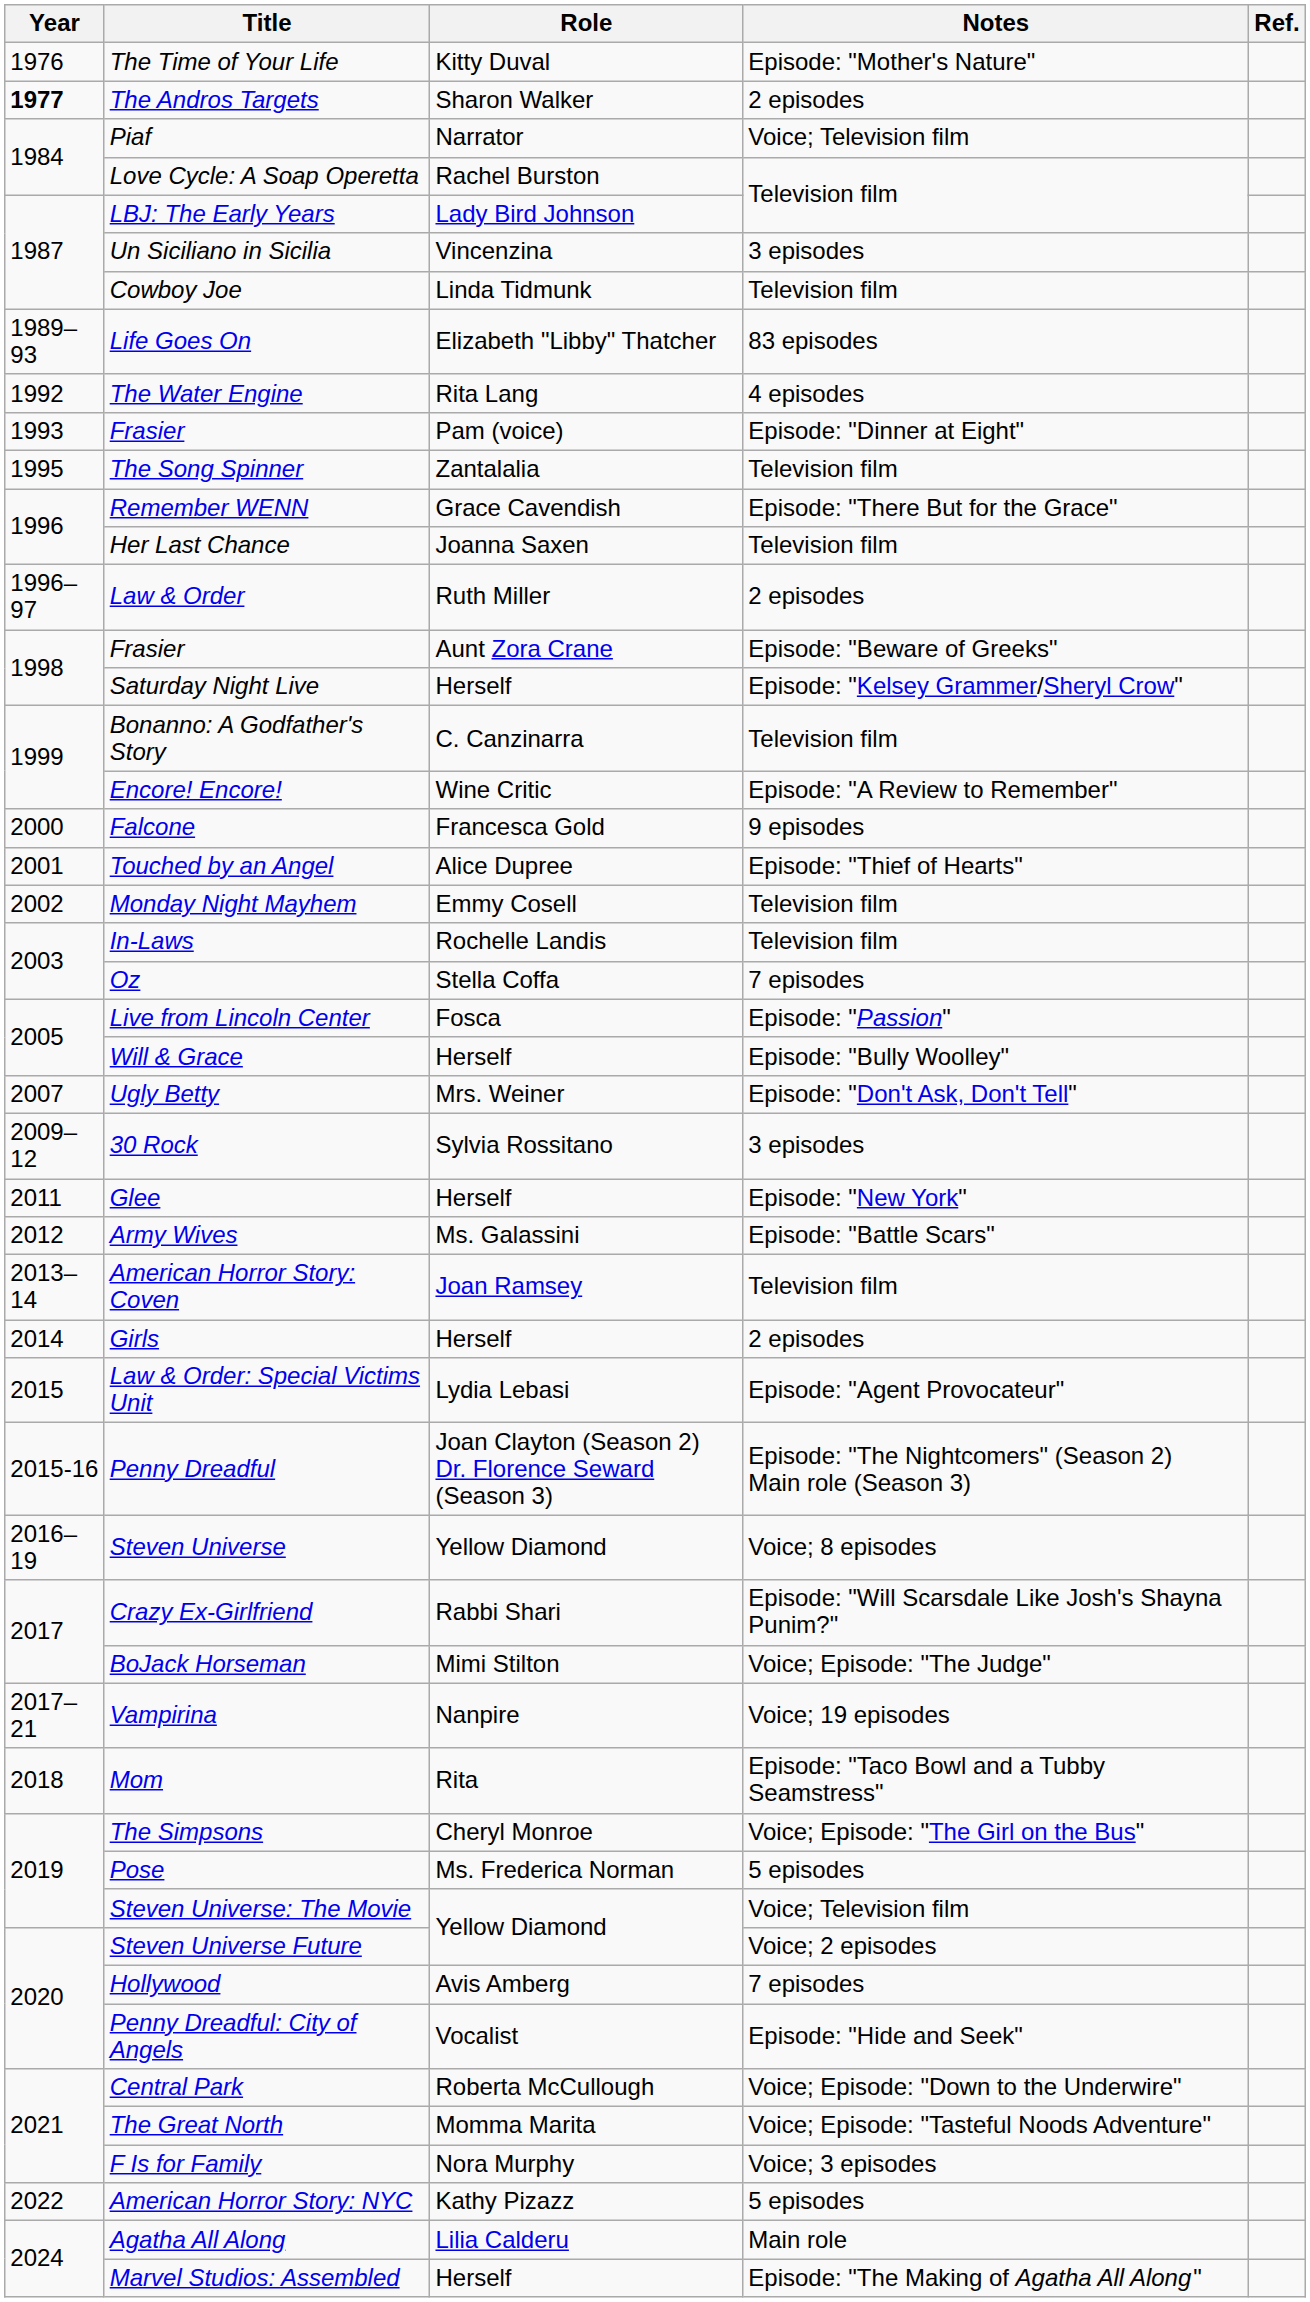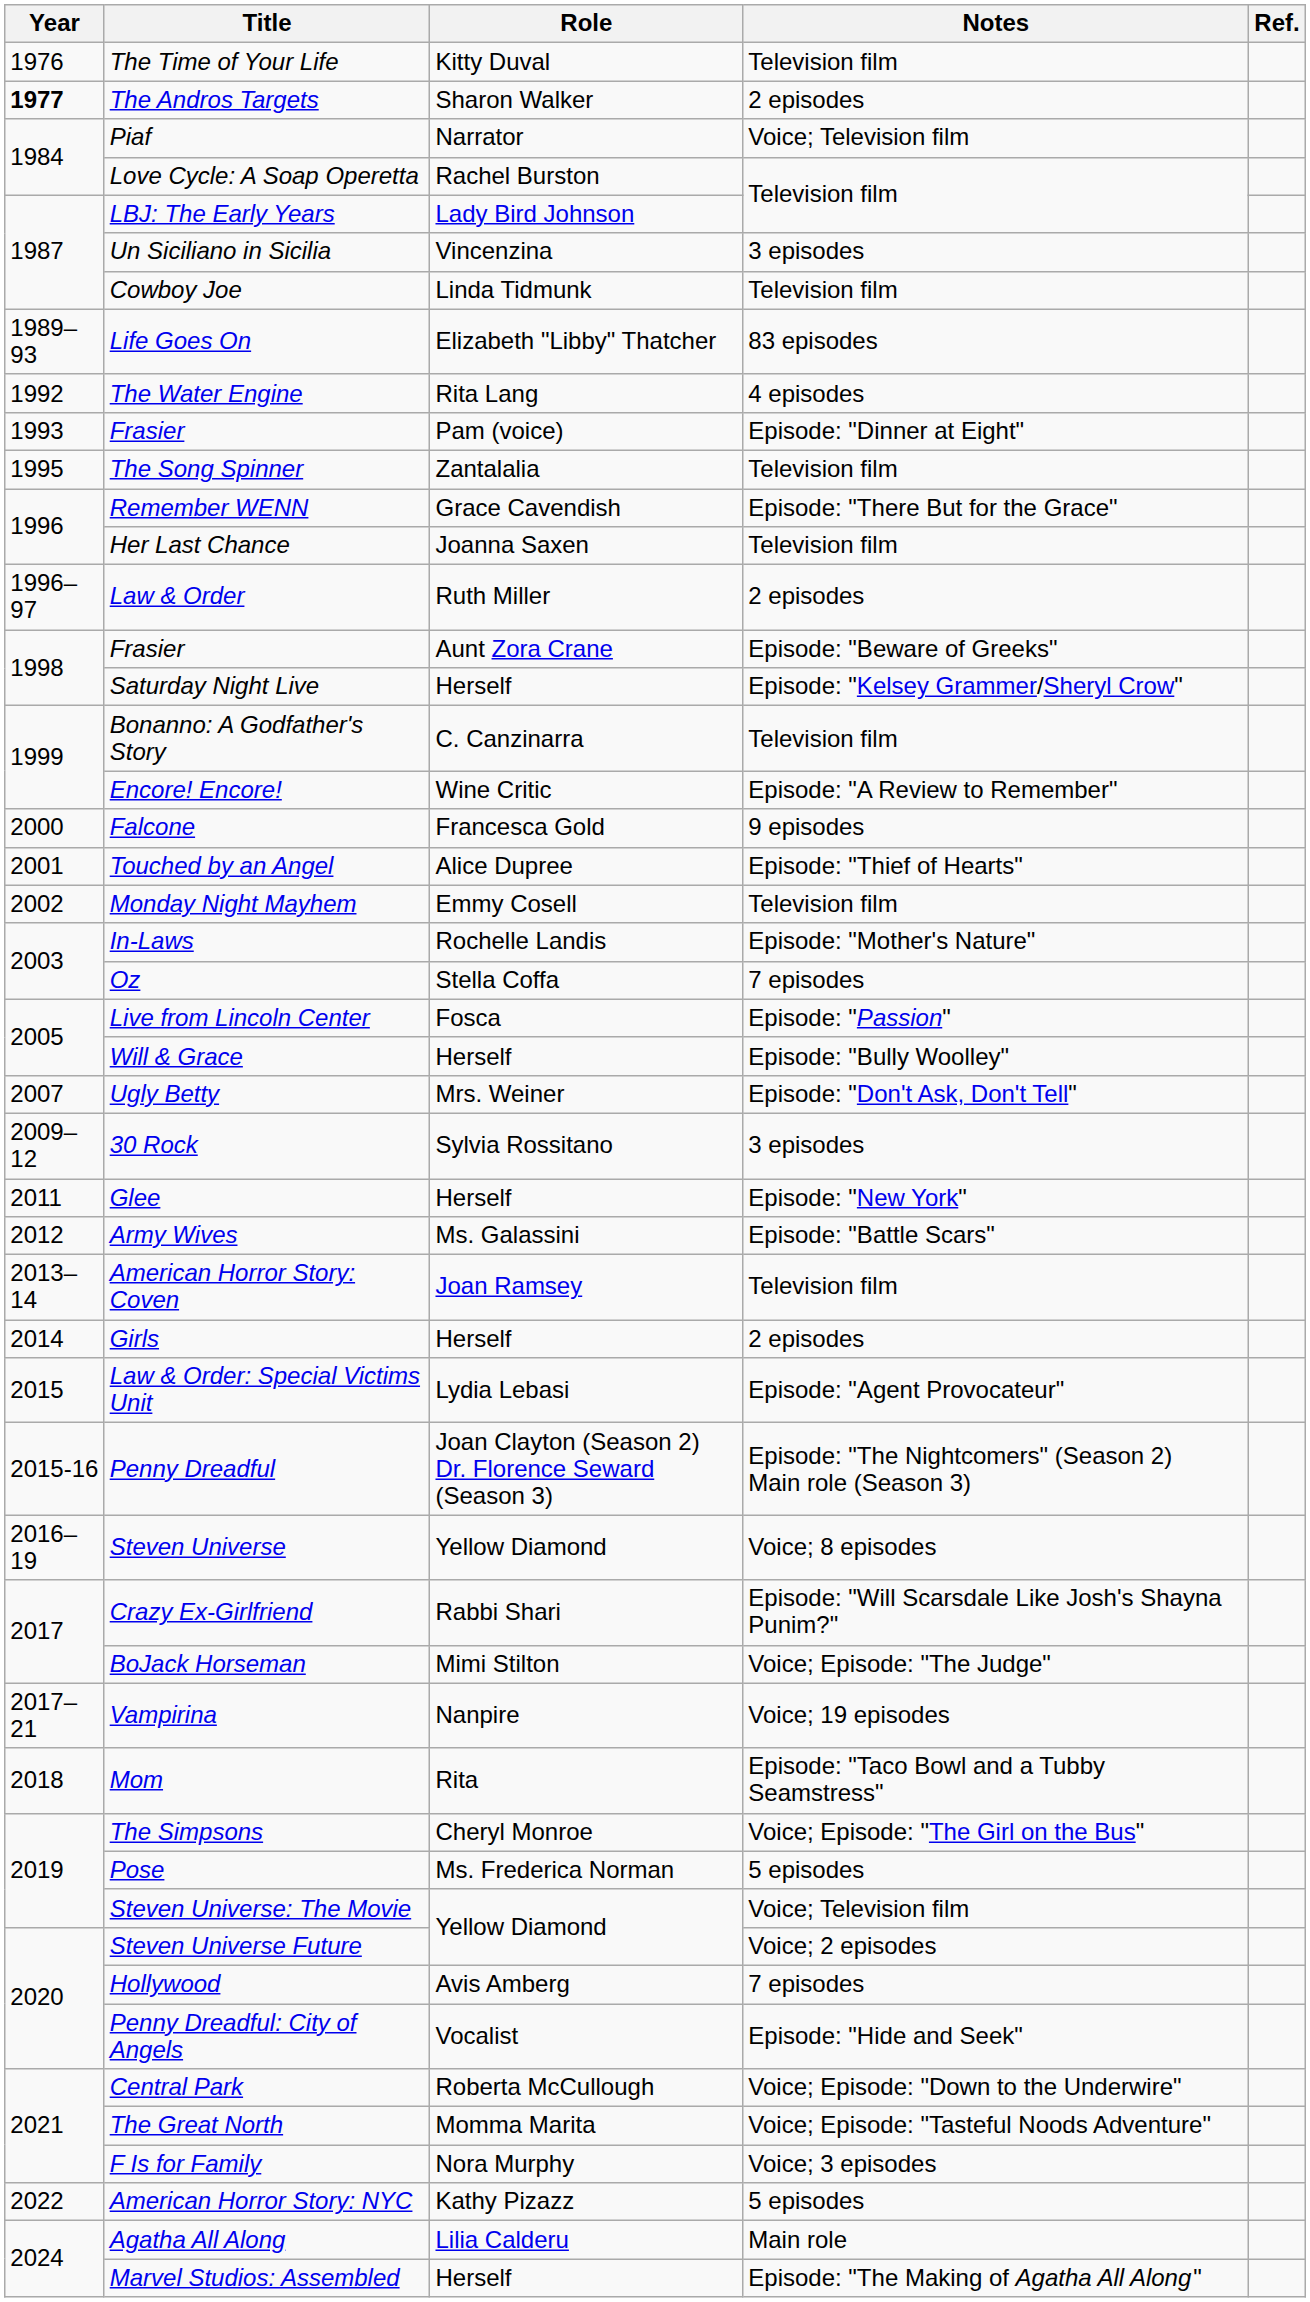 <table class="wikitable sortable">
 <tr>
 <th>Year</th>
 <th>Title</th>
 <th>Role</th>
 <th>Notes</th>
 <th class="unsortable">Ref.</th>
 </tr>
 <tr>
 <td>1976</td>
 <td><em>The Time of Your Life</em></td>
 <td>Kitty Duval</td>
-<td>Episode: "Mother's Nature"</td>
+<td>Television film</td>
 <td></td>
 </tr>
 <tr>
 <td><strong>1977</strong></td>
 <td><em><a href='#'>The Andros Targets</a></em></td>
 <td>Sharon Walker</td>
 <td>2 episodes</td>
 <td></td>
 </tr>
 <tr>
 <td rowspan="2">1984</td>
 <td><em>Piaf</em></td>
 <td>Narrator</td>
 <td>Voice; Television film</td>
 <td></td>
 </tr>
 <tr>
 <td><em>Love Cycle: A Soap Operetta</em></td>
 <td>Rachel Burston</td>
 <td rowspan="2">Television film</td>
 <td></td>
 </tr>
 <tr>
 <td rowspan="3">1987</td>
 <td><em><a href='#'>LBJ: The Early Years</a></em></td>
 <td><a href='#'>Lady Bird Johnson</a></td>
 <td></td>
 </tr>
 <tr>
 <td><em>Un Siciliano in Sicilia</em></td>
 <td>Vincenzina</td>
 <td>3 episodes</td>
 <td></td>
 </tr>
 <tr>
 <td><em>Cowboy Joe</em></td>
 <td>Linda Tidmunk</td>
 <td>Television film</td>
 <td></td>
 </tr>
 <tr>
 <td>1989–93</td>
 <td><em><a href='#'>Life Goes On</a></em></td>
 <td>Elizabeth "Libby" Thatcher</td>
 <td>83 episodes</td>
 <td></td>
 </tr>
 <tr>
 <td>1992</td>
 <td><em><a href='#'>The Water Engine</a></em></td>
 <td>Rita Lang</td>
 <td>4 episodes</td>
 <td></td>
 </tr>
 <tr>
 <td>1993</td>
 <td><em><a href='#'>Frasier</a></em></td>
 <td>Pam (voice)</td>
 <td>Episode: "Dinner at Eight"</td>
 <td></td>
 </tr>
 <tr>
 <td>1995</td>
 <td><em><a href='#'>The Song Spinner</a></em></td>
 <td>Zantalalia</td>
 <td>Television film</td>
 <td></td>
 </tr>
 <tr>
 <td rowspan="2">1996</td>
 <td><em><a href='#'>Remember WENN</a></em></td>
 <td>Grace Cavendish</td>
 <td>Episode: "There But for the Grace"</td>
 <td></td>
 </tr>
 <tr>
 <td><em>Her Last Chance</em></td>
 <td>Joanna Saxen</td>
 <td>Television film</td>
 <td></td>
 </tr>
 <tr>
 <td>1996–97</td>
 <td><em><a href='#'>Law & Order</a></em></td>
 <td>Ruth Miller</td>
 <td>2 episodes</td>
 <td></td>
 </tr>
 <tr>
 <td rowspan="2">1998</td>
 <td><em>Frasier</em></td>
 <td>Aunt <a href='#'>Zora Crane</a></td>
 <td>Episode: "Beware of Greeks"</td>
 <td></td>
 </tr>
 <tr>
 <td><em>Saturday Night Live</em></td>
 <td>Herself</td>
 <td>Episode: "<a href='#'>Kelsey Grammer</a>/<a href='#'>Sheryl Crow</a>"</td>
 <td></td>
 </tr>
 <tr>
 <td rowspan="2">1999</td>
 <td><em>Bonanno: A Godfather's Story</em></td>
 <td>C. Canzinarra</td>
 <td>Television film</td>
 <td></td>
 </tr>
 <tr>
 <td><em><a href='#'>Encore! Encore!</a></em></td>
 <td>Wine Critic</td>
 <td>Episode: "A Review to Remember"</td>
 <td></td>
 </tr>
 <tr>
 <td>2000</td>
 <td><em><a href='#'>Falcone</a></em></td>
 <td>Francesca Gold</td>
 <td>9 episodes</td>
 <td></td>
 </tr>
 <tr>
 <td>2001</td>
 <td><em><a href='#'>Touched by an Angel</a></em></td>
 <td>Alice Dupree</td>
 <td>Episode: "Thief of Hearts"</td>
 <td></td>
 </tr>
 <tr>
 <td>2002</td>
 <td><em><a href='#'>Monday Night Mayhem</a></em></td>
 <td>Emmy Cosell</td>
 <td>Television film</td>
 <td></td>
 </tr>
 <tr>
 <td rowspan="2">2003</td>
 <td><em><a href='#'>In-Laws</a></em></td>
 <td>Rochelle Landis</td>
-<td>Television film</td>
+<td>Episode: "Mother's Nature"</td>
 <td></td>
 </tr>
 <tr>
 <td><em><a href='#'>Oz</a></em></td>
 <td>Stella Coffa</td>
 <td>7 episodes</td>
 <td></td>
 </tr>
 <tr>
 <td rowspan="2">2005</td>
 <td><em><a href='#'>Live from Lincoln Center</a></em></td>
 <td>Fosca</td>
 <td>Episode: "<em><a href='#'>Passion</a></em>"</td>
 <td></td>
 </tr>
 <tr>
 <td><em><a href='#'>Will & Grace</a></em></td>
 <td>Herself</td>
 <td>Episode: "Bully Woolley"</td>
 <td></td>
 </tr>
 <tr>
 <td>2007</td>
 <td><em><a href='#'>Ugly Betty</a></em></td>
 <td>Mrs. Weiner</td>
 <td>Episode: "<a href='#'>Don't Ask, Don't Tell</a>"</td>
 <td></td>
 </tr>
 <tr>
 <td>2009–12</td>
 <td><em><a href='#'>30 Rock</a></em></td>
 <td>Sylvia Rossitano</td>
 <td>3 episodes</td>
 <td></td>
 </tr>
 <tr>
 <td>2011</td>
 <td><em><a href='#'>Glee</a></em></td>
 <td>Herself</td>
 <td>Episode: "<a href='#'>New York</a>"</td>
 <td></td>
 </tr>
 <tr>
 <td>2012</td>
 <td><em><a href='#'>Army Wives</a></em></td>
 <td>Ms. Galassini</td>
 <td>Episode: "Battle Scars"</td>
 <td></td>
 </tr>
 <tr>
 <td>2013–14</td>
 <td><em><a href='#'>American Horror Story: Coven</a></em></td>
 <td><a href='#'>Joan Ramsey</a></td>
 <td>Television film</td>
 <td></td>
 </tr>
 <tr>
 <td>2014</td>
 <td><em><a href='#'>Girls</a></em></td>
 <td>Herself</td>
 <td>2 episodes</td>
 <td></td>
 </tr>
 <tr>
 <td>2015</td>
 <td><em><a href='#'>Law & Order: Special Victims Unit</a></em></td>
 <td>Lydia Lebasi</td>
 <td>Episode: "Agent Provocateur"</td>
 <td></td>
 </tr>
 <tr>
 <td>2015-16</td>
 <td><em><a href='#'>Penny Dreadful</a></em></td>
 <td>Joan Clayton (Season 2) <br><a href='#'>Dr. Florence Seward</a> (Season 3)</td>
 <td>Episode: "The Nightcomers" (Season 2) <br> Main role (Season 3)</td>
 <td></td>
 </tr>
 <tr>
 <td>2016–19</td>
 <td><em><a href='#'>Steven Universe</a></em></td>
 <td>Yellow Diamond</td>
 <td>Voice; 8 episodes</td>
 <td></td>
 </tr>
 <tr>
 <td rowspan="2">2017</td>
 <td><em><a href='#'>Crazy Ex-Girlfriend</a></em></td>
 <td>Rabbi Shari</td>
 <td>Episode: "Will Scarsdale Like Josh's Shayna Punim?"</td>
 <td></td>
 </tr>
 <tr>
 <td><em><a href='#'>BoJack Horseman</a></em></td>
 <td>Mimi Stilton</td>
 <td>Voice; Episode: "The Judge"</td>
 <td></td>
 </tr>
 <tr>
 <td>2017–21</td>
 <td><em><a href='#'>Vampirina</a></em></td>
 <td>Nanpire</td>
 <td>Voice; 19 episodes</td>
 <td></td>
 </tr>
 <tr>
 <td>2018</td>
 <td><em><a href='#'>Mom</a></em></td>
 <td>Rita</td>
 <td>Episode: "Taco Bowl and a Tubby Seamstress"</td>
 <td></td>
 </tr>
 <tr>
 <td rowspan="3">2019</td>
 <td><em><a href='#'>The Simpsons</a></em></td>
 <td>Cheryl Monroe</td>
 <td>Voice; Episode: "<a href='#'>The Girl on the Bus</a>"</td>
 <td></td>
 </tr>
 <tr>
 <td><em><a href='#'>Pose</a></em></td>
 <td>Ms. Frederica Norman</td>
 <td>5 episodes</td>
 <td></td>
 </tr>
 <tr>
 <td><em><a href='#'>Steven Universe: The Movie</a></em></td>
 <td rowspan="2">Yellow Diamond</td>
 <td>Voice; Television film</td>
 <td></td>
 </tr>
 <tr>
 <td rowspan="3">2020</td>
 <td><em><a href='#'>Steven Universe Future</a></em></td>
 <td>Voice; 2 episodes</td>
 <td></td>
 </tr>
 <tr>
 <td><em><a href='#'>Hollywood</a></em></td>
 <td>Avis Amberg</td>
 <td>7 episodes</td>
 <td></td>
 </tr>
 <tr>
 <td><em><a href='#'>Penny Dreadful: City of Angels</a></em></td>
 <td>Vocalist</td>
 <td>Episode: "Hide and Seek"</td>
 <td></td>
 </tr>
 <tr>
 <td rowspan="3">2021</td>
 <td><em><a href='#'>Central Park</a></em></td>
 <td>Roberta McCullough</td>
 <td>Voice; Episode: "Down to the Underwire"</td>
 <td></td>
 </tr>
 <tr>
 <td><em><a href='#'>The Great North</a></em></td>
 <td>Momma Marita</td>
 <td>Voice; Episode: "Tasteful Noods Adventure"</td>
 <td></td>
 </tr>
 <tr>
 <td><em><a href='#'>F Is for Family</a></em></td>
 <td>Nora Murphy</td>
 <td>Voice; 3 episodes</td>
 <td></td>
 </tr>
 <tr>
 <td>2022</td>
 <td><em><a href='#'>American Horror Story: NYC</a></em></td>
 <td>Kathy Pizazz</td>
 <td>5 episodes</td>
 <td></td>
 </tr>
 <tr>
 <td rowspan=2>2024</td>
 <td><em><a href='#'>Agatha All Along</a></em></td>
 <td><a href='#'>Lilia Calderu</a></td>
 <td>Main role</td>
 <td></td>
 </tr>
 <tr>
 <td><em><a href='#'>Marvel Studios: Assembled</a></em></td>
 <td>Herself</td>
 <td>Episode: "The Making of <em>Agatha All Along</em> "</td>
 <td></td>
 </tr>
 </table>
